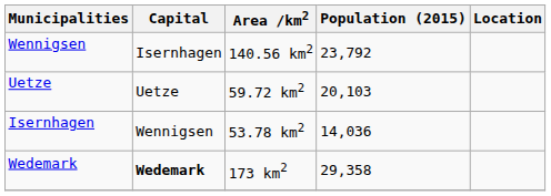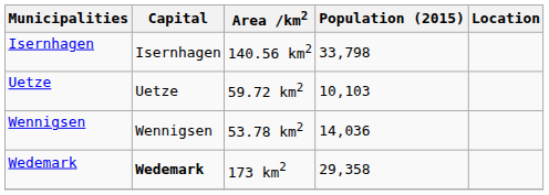 <table class="wikitable">
 <tr>
 <th>Municipalities</th>
 <th>Capital</th>
 <th>Area /km<sup>2</sup></th>
 <th>Population (2015)</th>
 <th>Location</th>
 </tr>
 <tr>
-<td><a href='#'>Wennigsen</a><br><br></td>
+<td><a href='#'>Isernhagen</a><br><br></td>
 <td>Isernhagen</td>
 <td>140.56 km<sup>2</sup></td>
-<td>23,792</td>
+<td>33,798</td>
 <td><br></td>
 </tr>
 <tr>
 <td><a href='#'>Uetze</a><br><br></td>
 <td>Uetze</td>
 <td>59.72 km<sup>2</sup></td>
-<td>20,103</td>
+<td>10,103</td>
 <td><br></td>
 </tr>
 <tr>
-<td><a href='#'>Isernhagen</a><br><br></td>
+<td><a href='#'>Wennigsen</a><br><br></td>
 <td>Wennigsen</td>
 <td>53.78 km<sup>2</sup></td>
 <td>14,036</td>
 <td><br></td>
 </tr>
 <tr>
 <td><a href='#'>Wedemark</a><br><br></td>
 <td><strong>Wedemark</strong></td>
 <td>173 km<sup>2</sup></td>
 <td>29,358</td>
 <td><br></td>
 </tr>
 <tr>
 </tr>
 </table>
